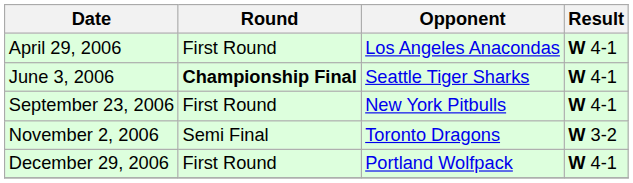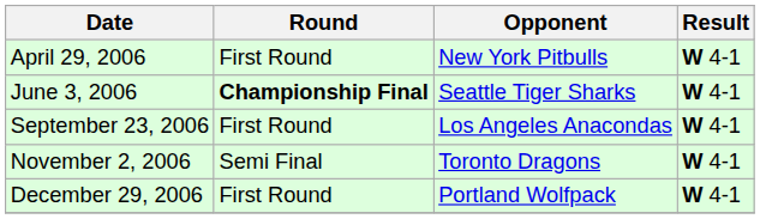 <table class="wikitable">
 <tr>
 <th>Date</th>
 <th>Round</th>
 <th>Opponent</th>
 <th>Result</th>
 </tr>
 <tr style="background: #ddffdd;">
 <td>April 29, 2006</td>
 <td>First Round</td>
-<td><a href='#'>Los Angeles Anacondas</a></td>
+<td><a href='#'>New York Pitbulls</a></td>
 <td><strong>W</strong> 4-1</td>
 </tr>
 <tr style="background: #ddffdd;">
 <td>June 3, 2006</td>
 <td><strong>Championship Final</strong></td>
 <td><a href='#'>Seattle Tiger Sharks</a></td>
 <td><strong>W</strong> 4-1</td>
 </tr>
 <tr style="background: #ddffdd;">
 <td>September 23, 2006</td>
 <td>First Round</td>
-<td><a href='#'>New York Pitbulls</a></td>
+<td><a href='#'>Los Angeles Anacondas</a></td>
 <td><strong>W</strong> 4-1</td>
 </tr>
 <tr style="background: #ddffdd;">
 <td>November 2, 2006</td>
 <td>Semi Final</td>
 <td><a href='#'>Toronto Dragons</a></td>
-<td><strong>W</strong> 3-2</td>
+<td><strong>W</strong> 4-1</td>
 </tr>
 <tr style="background: #ddffdd;">
 <td>December 29, 2006</td>
 <td>First Round</td>
 <td><a href='#'>Portland Wolfpack</a></td>
 <td><strong>W</strong> 4-1</td>
 </tr>
 <tr style="background: #ddffdd;">
 </tr>
 </table>
